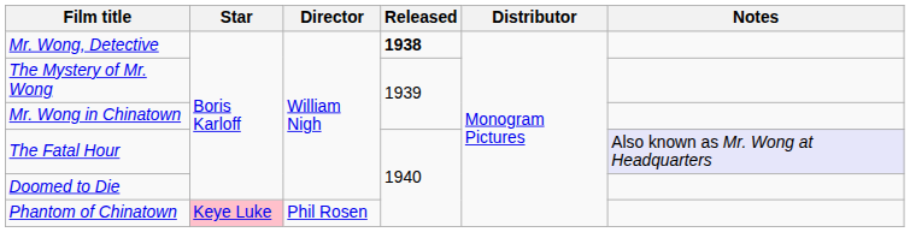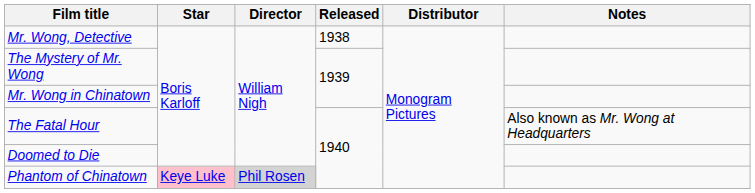 <table class="sortable wikitable">
 <tr>
 <th>Film title</th>
 <th>Star</th>
 <th>Director</th>
 <th>Released</th>
 <th>Distributor</th>
 <th class="unsortable">Notes</th>
 </tr>
 <tr>
 <td><em><a href='#'>Mr. Wong, Detective</a></em></td>
 <td rowspan=5><a href='#'>Boris Karloff</a></td>
 <td rowspan=5><a href='#'>William Nigh</a></td>
-<td><strong>1938</strong></td>
+<td>1938</td>
 <td rowspan=6><a href='#'>Monogram Pictures</a></td>
 <td></td>
 </tr>
 <tr>
 <td><em><a href='#'>The Mystery of Mr. Wong</a></em></td>
 <td rowspan=2>1939</td>
 <td></td>
 </tr>
 <tr>
 <td><em><a href='#'>Mr. Wong in Chinatown</a></em></td>
 <td></td>
 </tr>
 <tr>
 <td><em><a href='#'>The Fatal Hour</a></em></td>
 <td rowspan=3>1940</td>
-<td style="background: lavender;">Also known as <em>Mr. Wong at Headquarters</em></td>
+<td>Also known as <em>Mr. Wong at Headquarters</em></td>
 </tr>
 <tr>
 <td><em><a href='#'>Doomed to Die</a></em></td>
 <td></td>
 </tr>
 <tr>
 <td><em><a href='#'>Phantom of Chinatown</a></em></td>
 <td style="background: pink;"><a href='#'>Keye Luke</a></td>
-<td><a href='#'>Phil Rosen</a></td>
+<td style="background: lightgrey;"><a href='#'>Phil Rosen</a></td>
 <td></td>
 </tr>
 </table>
